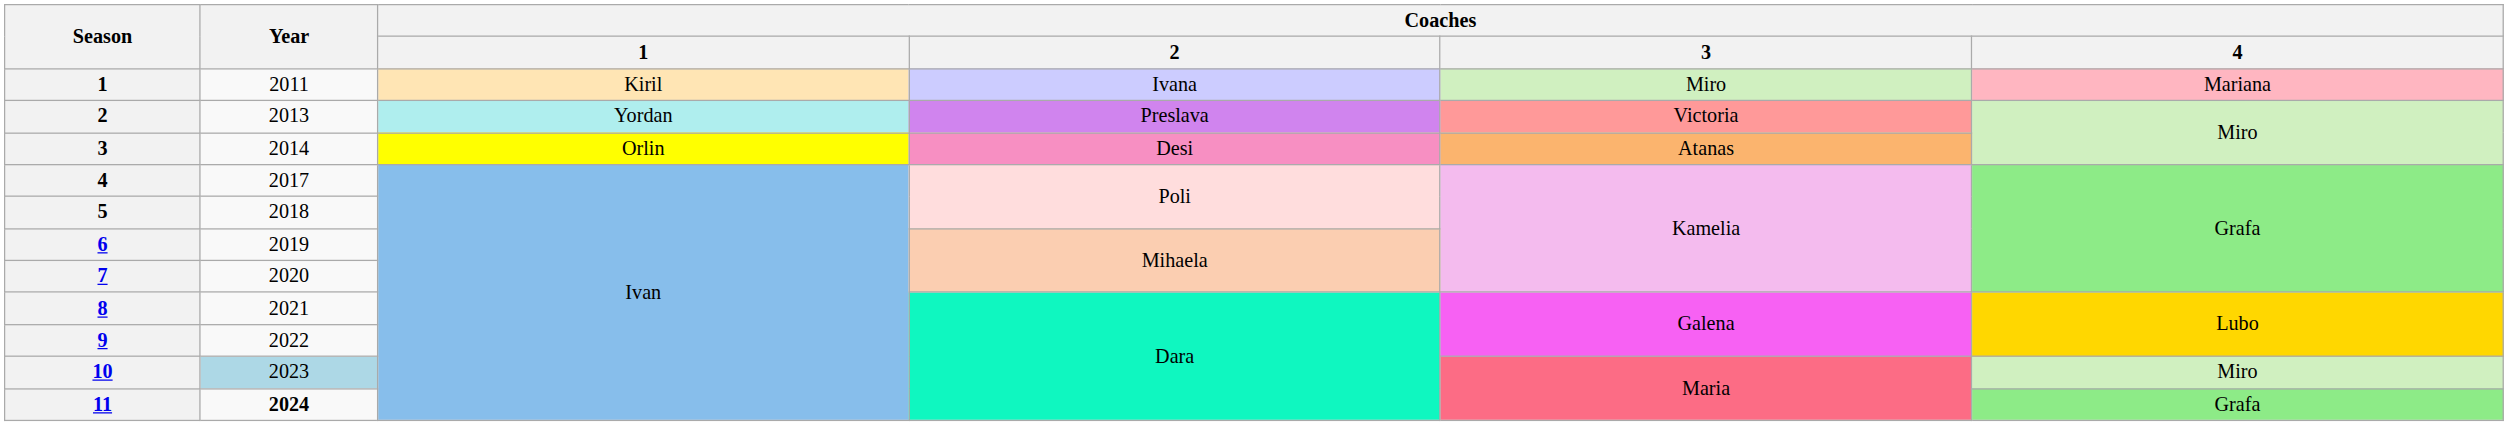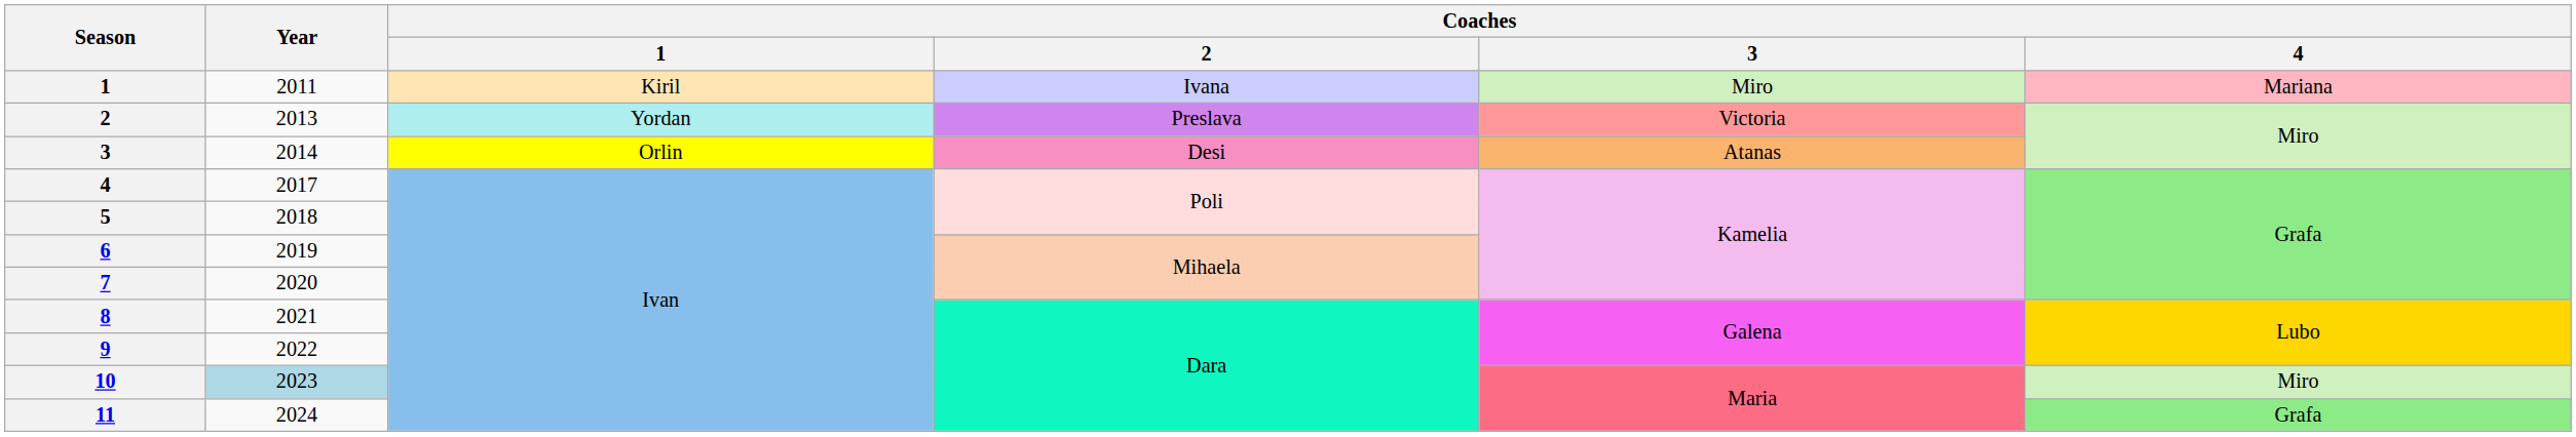 <table class="wikitable collapsible collapsed" style="text-align:center; width:100%">
 <tr>
 <th width="2%" rowspan="2">Season</th>
 <th width="2%" rowspan="2">Year</th>
 <th colspan="4">Coaches</th>
 </tr>
 <tr>
 <th width="6%">1</th>
 <th width="6%">2</th>
 <th width="6%">3</th>
 <th width="6%">4</th>
 </tr>
 <tr>
 <th>1</th>
 <td>2011</td>
 <td style="background:#ffe5b4">Kiril</td>
 <td style="background:#ccccff">Ivana</td>
 <td style="background:#d0f0c0">Miro</td>
 <td style="background:lightpink">Mariana</td>
 </tr>
 <tr>
 <th>2</th>
 <td>2013</td>
 <td style="background:#afeeee">Yordan</td>
 <td style="background:#d084ee">Preslava</td>
 <td style="background:#ff9999">Victoria</td>
 <td rowspan="2" style="background:#d0f0c0">Miro</td>
 </tr>
 <tr>
 <th>3</th>
 <td>2014</td>
 <td style="background: yellow">Orlin</td>
 <td style="background:#f78fc2">Desi</td>
 <td style="background:#fbb46e">Atanas</td>
 </tr>
 <tr>
 <th>4</th>
 <td>2017</td>
 <td rowspan="8" style="background:#87beeb">Ivan</td>
 <td rowspan="2" style="background:#ffdddd">Poli</td>
 <td rowspan="4" style="background:#f4bbee">Kamelia</td>
 <td rowspan="4" style="background:#8deb87">Grafa</td>
 </tr>
 <tr>
 <th>5</th>
 <td>2018</td>
 </tr>
 <tr>
 <th><a href='#'>6</a></th>
 <td>2019</td>
 <td rowspan="2" style="background:#fbceb1">Mihaela</td>
 </tr>
 <tr>
 <th><a href='#'>7</a></th>
 <td>2020</td>
 </tr>
 <tr>
 <th><a href='#'>8</a></th>
 <td>2021</td>
 <td rowspan="4" style="background:#0ff7c0">Dara</td>
 <td rowspan="2" style="background:#f761f3">Galena</td>
 <td rowspan="2" style="background: gold">Lubo</td>
 </tr>
 <tr>
 <th><a href='#'>9</a></th>
 <td>2022</td>
 </tr>
 <tr>
 <th><a href='#'>10</a></th>
 <td style="background: lightblue;">2023</td>
 <td rowspan="2" style="background:#FC6C85">Maria</td>
 <td style="background:#d0f0c0">Miro</td>
 </tr>
 <tr>
 <th><a href='#'>11</a></th>
-<td><strong>2024</strong></td>
+<td>2024</td>
 <td style="background:#8deb87">Grafa</td>
 </tr>
 </table>
